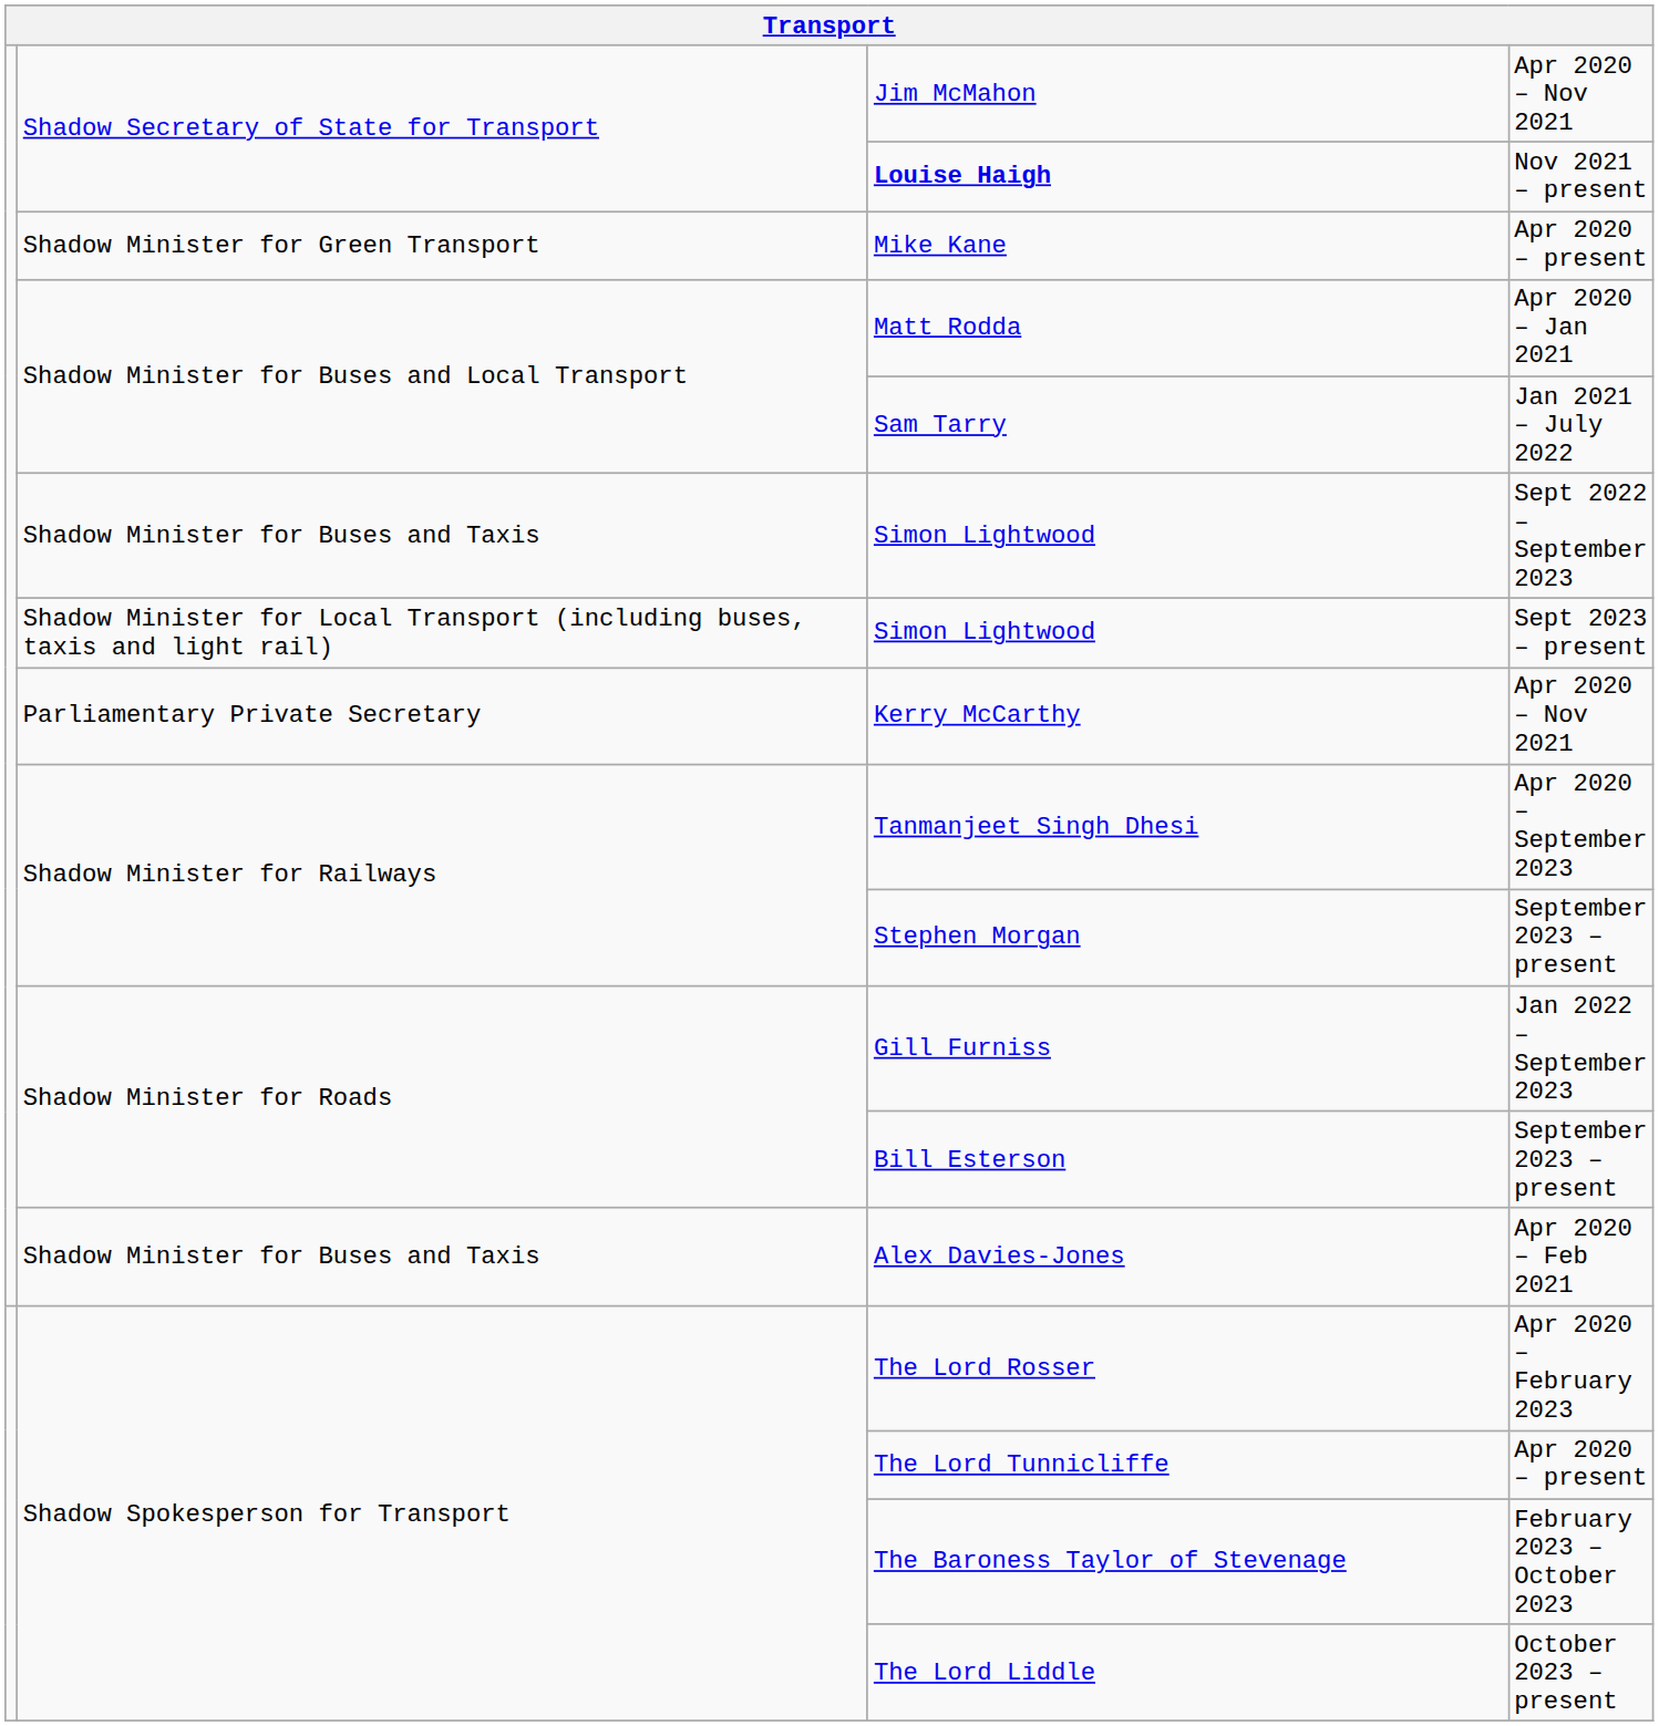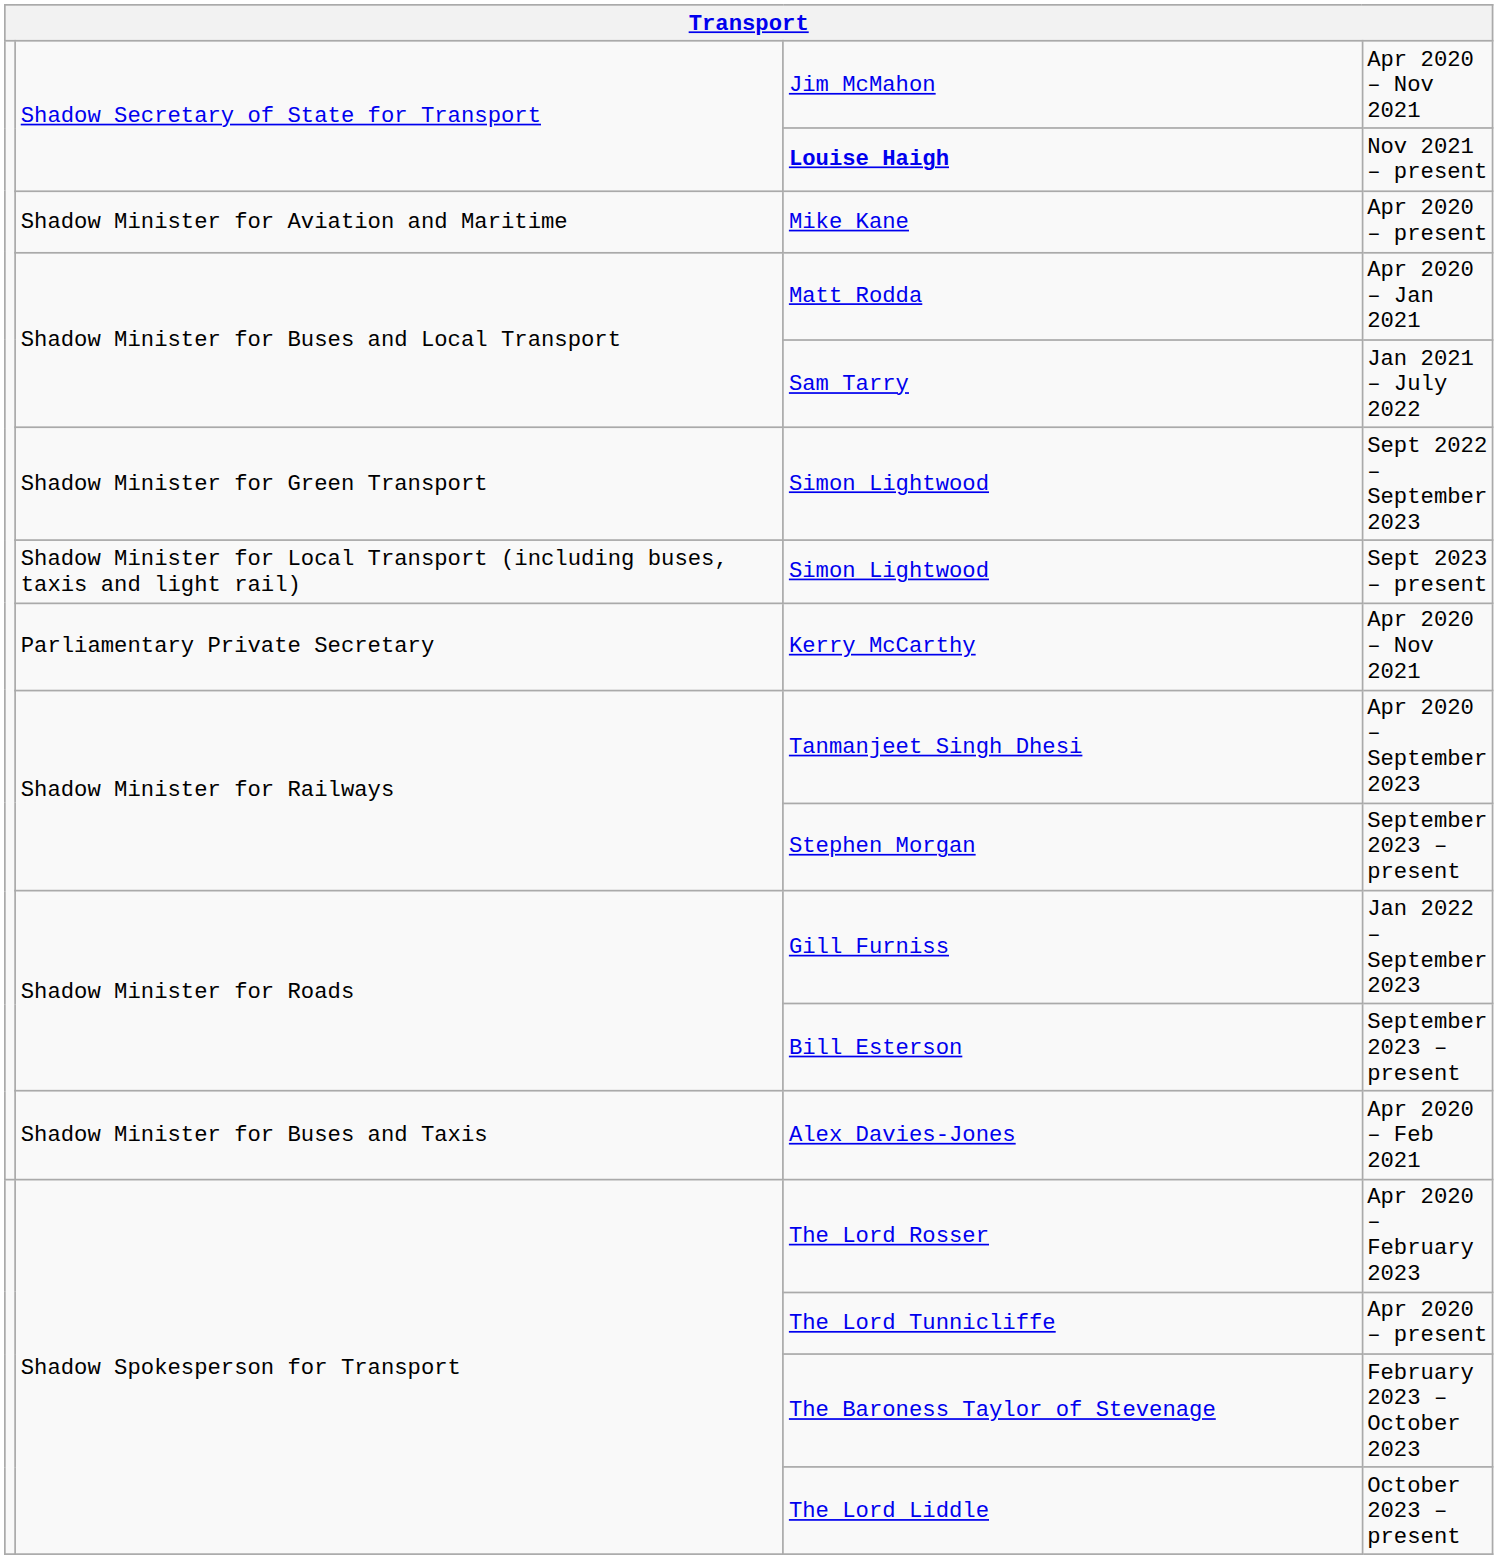 <table class="wikitable">
 <tr>
 <th colspan="4"><a href='#'>Transport</a></th>
 </tr>
 <tr>
 <td rowspan="13" style="background: "></td>
 <td rowspan="2" style="width: 450px;"><a href='#'>Shadow Secretary of State for Transport</a></td>
 <td style="width: 337px;"><a href='#'>Jim McMahon</a></td>
 <td>Apr 2020 – Nov 2021</td>
 </tr>
 <tr>
 <td><strong><a href='#'>Louise Haigh</a></strong></td>
 <td>Nov 2021 – present</td>
 </tr>
 <tr>
-<td>Shadow Minister for Green Transport</td>
+<td>Shadow Minister for Aviation and Maritime</td>
 <td><a href='#'>Mike Kane</a></td>
 <td>Apr 2020 – present</td>
 </tr>
 <tr>
 <td rowspan="2">Shadow Minister for Buses and Local Transport</td>
 <td><a href='#'>Matt Rodda</a></td>
 <td>Apr 2020 – Jan 2021</td>
 </tr>
 <tr>
 <td rowspan="1"><a href='#'>Sam Tarry</a></td>
 <td colspan="1">Jan 2021 – July 2022</td>
 </tr>
 <tr>
-<td rowspan="1">Shadow Minister for Buses and Taxis</td>
+<td>Shadow Minister for Green Transport</td>
 <td colspan="1"><a href='#'>Simon Lightwood</a></td>
 <td>Sept 2022 – September 2023</td>
 </tr>
 <tr>
 <td>Shadow Minister for Local Transport (including buses, taxis and light rail)</td>
 <td colspan="1"><a href='#'>Simon Lightwood</a></td>
 <td>Sept 2023 – present</td>
 </tr>
 <tr>
 <td>Parliamentary Private Secretary</td>
 <td><a href='#'>Kerry McCarthy</a></td>
 <td>Apr 2020 – Nov 2021</td>
 </tr>
 <tr>
 <td rowspan="2">Shadow Minister for Railways</td>
 <td><a href='#'>Tanmanjeet Singh Dhesi</a></td>
 <td>Apr 2020 – September 2023</td>
 </tr>
 <tr>
 <td><a href='#'>Stephen Morgan</a></td>
 <td>September 2023 – present</td>
 </tr>
 <tr>
 <td rowspan="2">Shadow Minister for Roads</td>
 <td><a href='#'>Gill Furniss</a></td>
 <td>Jan 2022 – September 2023</td>
 </tr>
 <tr>
 <td><a href='#'>Bill Esterson</a></td>
 <td>September 2023 – present</td>
 </tr>
 <tr>
 <td rowspan="1">Shadow Minister for Buses and Taxis</td>
 <td><a href='#'>Alex Davies-Jones</a></td>
 <td>Apr 2020 – Feb 2021</td>
 </tr>
 <tr>
 <td rowspan="4" style="background: "></td>
 <td rowspan="4">Shadow Spokesperson for Transport</td>
 <td><a href='#'>The Lord Rosser</a></td>
 <td>Apr 2020 – February 2023</td>
 </tr>
 <tr>
 <td><a href='#'>The Lord Tunnicliffe</a></td>
 <td>Apr 2020 – present</td>
 </tr>
 <tr>
 <td><a href='#'>The Baroness Taylor of Stevenage</a></td>
 <td>February 2023 – October 2023</td>
 </tr>
 <tr>
 <td><a href='#'>The Lord Liddle</a></td>
 <td>October 2023 – present</td>
 </tr>
 </table>
